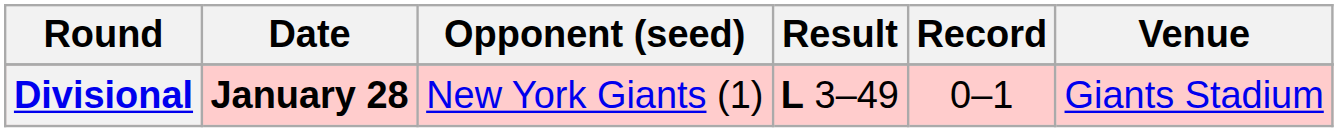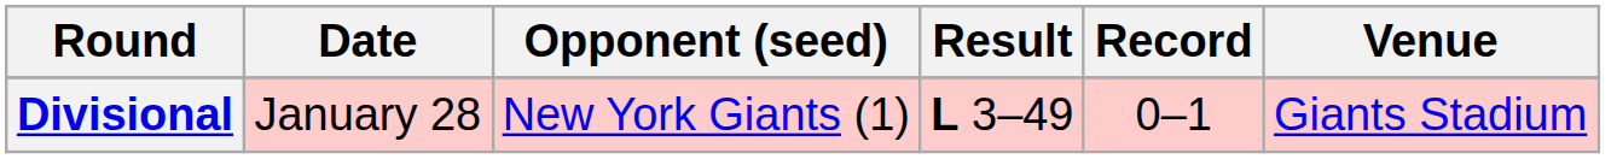 <table class="wikitable" style="text-align:center">
 <tr>
 <th>Round</th>
 <th>Date</th>
 <th>Opponent (seed)</th>
 <th>Result</th>
 <th>Record</th>
 <th>Venue</th>
 </tr>
 <tr>
 </tr>
 <tr style="background:#fcc">
 <th><a href='#'>Divisional</a></th>
-<td><strong>January 28</strong></td>
+<td>January 28</td>
 <td><a href='#'>New York Giants</a> (1)</td>
 <td><strong>L</strong> 3–49</td>
 <td>0–1</td>
 <td><a href='#'>Giants Stadium</a></td>
 </tr>
 </table>
